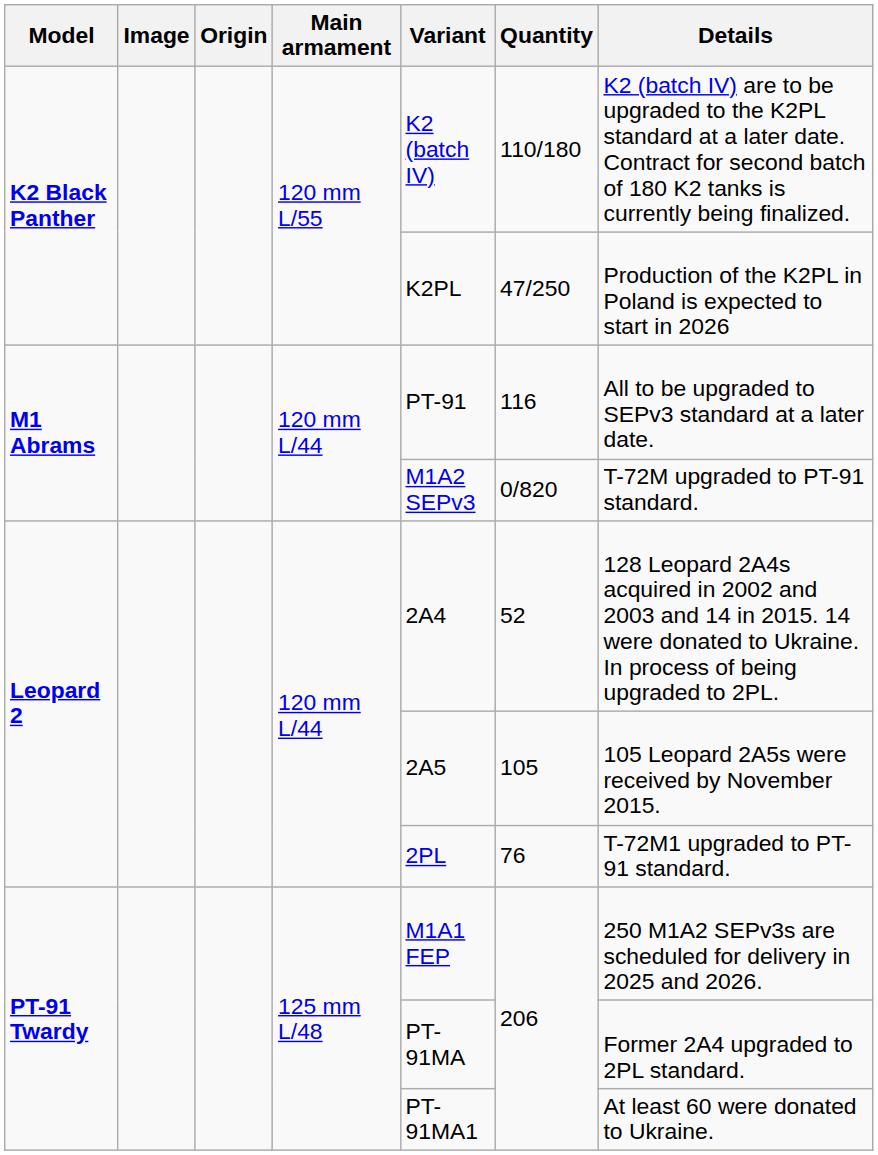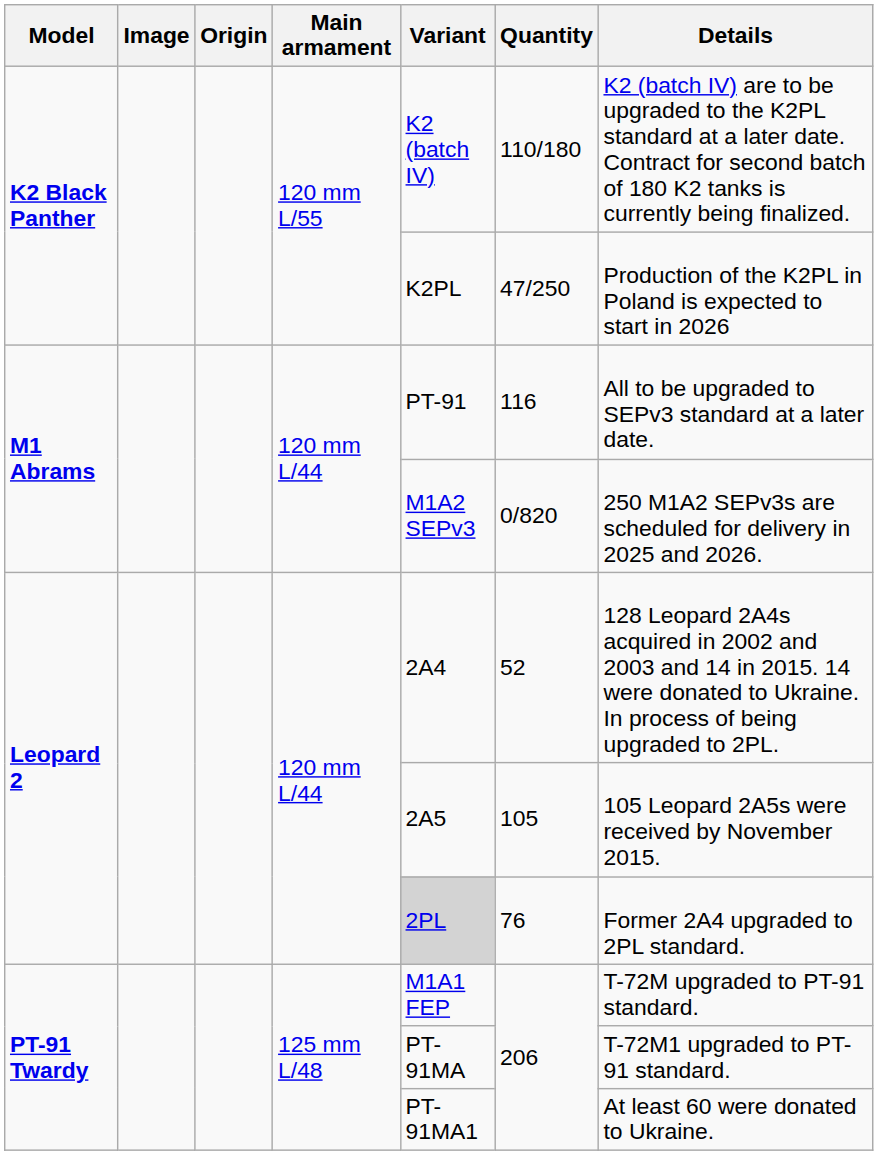 <table class="wikitable">
 <tr>
 <th>Model</th>
 <th>Image</th>
 <th>Origin</th>
 <th>Main armament</th>
 <th>Variant</th>
 <th>Quantity</th>
 <th>Details</th>
 </tr>
 <tr>
 <td rowspan="2"><strong><a href='#'>K2 Black Panther</a></strong></td>
 <td rowspan="2"></td>
 <td rowspan="2"><small><br></small></td>
 <td rowspan="2"><a href='#'>120 mm L/55</a></td>
 <td><a href='#'>K2 (batch IV)</a></td>
 <td>110/180</td>
 <td><a href='#'>K2 (batch IV)</a> are to be upgraded to the K2PL standard at a later date.<br>Contract for second batch of 180 K2 tanks is currently being finalized.</td>
 </tr>
 <tr>
 <td>K2PL</td>
 <td>47/250</td>
 <td><br>Production of the K2PL in Poland is expected to start in 2026 </td>
 </tr>
 <tr>
 <td rowspan="2"><strong><a href='#'>M1 Abrams</a></strong></td>
 <td rowspan="2"></td>
 <td rowspan="2"><small></small></td>
 <td rowspan="2"><a href='#'>120 mm L/44</a></td>
 <td>PT-91</td>
 <td>116</td>
 <td><br>All to be upgraded to SEPv3 standard at a later date.</td>
 </tr>
 <tr>
 <td><a href='#'>M1A2 SEPv3</a></td>
 <td>0/820</td>
-<td>T-72M upgraded to PT-91 standard.</td>
+<td><br>250 M1A2 SEPv3s are scheduled for delivery in 2025 and 2026.</td>
 </tr>
 <tr>
 <td rowspan="3"><strong><a href='#'>Leopard 2</a></strong></td>
 <td rowspan="3"></td>
 <td rowspan="3"><small><br><br></small></td>
 <td rowspan="3"><br><a href='#'>120 mm L/44</a></td>
 <td>2A4</td>
 <td>52</td>
 <td><br>128 Leopard 2A4s acquired in 2002 and 2003 and 14 in 2015. 14 were donated to Ukraine. In process of being upgraded to 2PL.</td>
 </tr>
 <tr>
 <td>2A5</td>
 <td>105</td>
 <td><br>105 Leopard 2A5s were received by November 2015.</td>
 </tr>
 <tr>
-<td><a href='#'>2PL</a></td>
+<td style="background: lightgrey;"><a href='#'>2PL</a></td>
 <td>76</td>
-<td>T-72M1 upgraded to PT-91 standard.</td>
+<td><br>Former 2A4 upgraded to 2PL standard.</td>
 </tr>
 <tr>
 <td rowspan="3"><strong><a href='#'>PT-91 Twardy</a></strong></td>
 <td rowspan="3"></td>
 <td rowspan="3"><small></small></td>
 <td rowspan="3"><a href='#'>125 mm L/48</a></td>
 <td><a href='#'>M1A1 FEP</a></td>
 <td rowspan="3">206</td>
-<td><br>250 M1A2 SEPv3s are scheduled for delivery in 2025 and 2026.</td>
+<td>T-72M upgraded to PT-91 standard.</td>
 </tr>
 <tr>
 <td>PT-91MA</td>
-<td><br>Former 2A4 upgraded to 2PL standard.</td>
+<td>T-72M1 upgraded to PT-91 standard.</td>
 </tr>
 <tr>
 <td>PT-91MA1</td>
 <td>At least 60 were donated to Ukraine.</td>
 </tr>
 </table>
